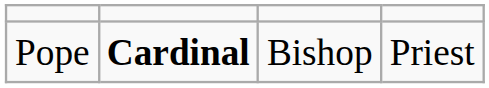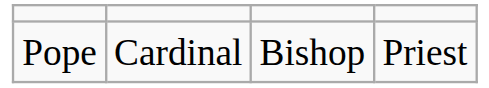 <table class="wikitable" style="margin:1em auto;">
 <tr>
 <td></td>
 <td></td>
 <td></td>
 <td></td>
 </tr>
 <tr>
 <td>Pope</td>
-<td><strong>Cardinal</strong></td>
+<td>Cardinal</td>
 <td>Bishop</td>
 <td>Priest</td>
 </tr>
 </table>
